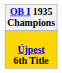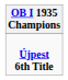 <table class="wikitable" style="text-align: center; margin: 0 auto;">
 <tr>
 <th><a href='#'>OB I</a> 1935<br>Champions</th>
 </tr>
 <tr>
 </tr>
 <tr>
-<td style="background: gold;"> <br><strong><a href='#'>Újpest</a></strong><br><strong>6th Title</strong></td>
+<td> <br><strong><a href='#'>Újpest</a></strong><br><strong>6th Title</strong></td>
 </tr>
 </table>
